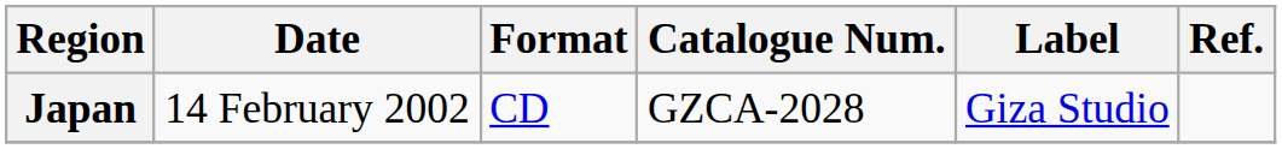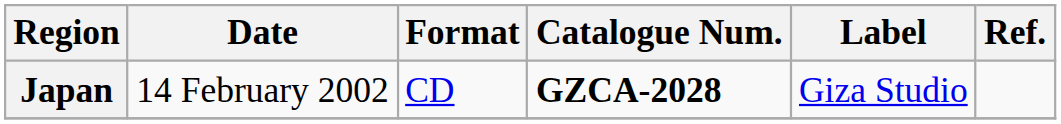 <table class="wikitable sortable plainrowheaders">
 <tr>
 <th scope="col">Region</th>
 <th scope="col">Date</th>
 <th scope="col">Format</th>
 <th scope="col">Catalogue Num.</th>
 <th scope="col">Label</th>
 <th scope="col">Ref.</th>
 </tr>
 <tr>
 <th scope="row">Japan</th>
 <td>14 February 2002</td>
 <td><a href='#'>CD</a></td>
-<td>GZCA-2028</td>
+<td><strong>GZCA-2028</strong></td>
 <td><a href='#'>Giza Studio</a></td>
 <td></td>
 </tr>
 <tr>
 </tr>
 </table>
